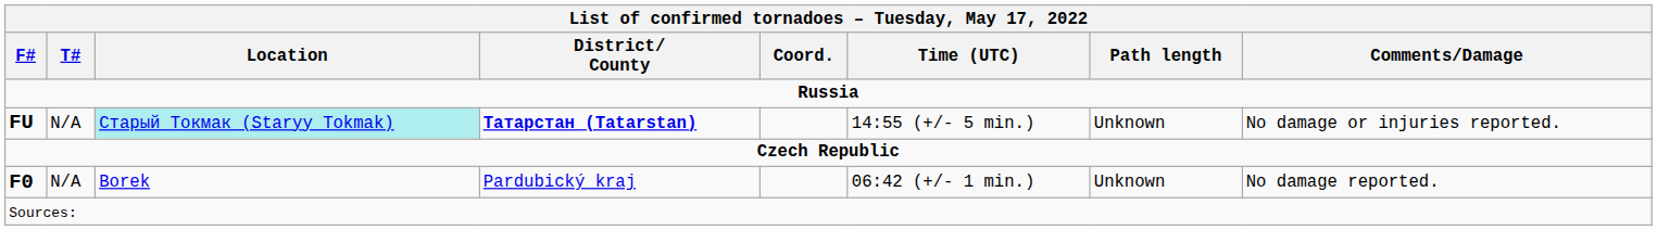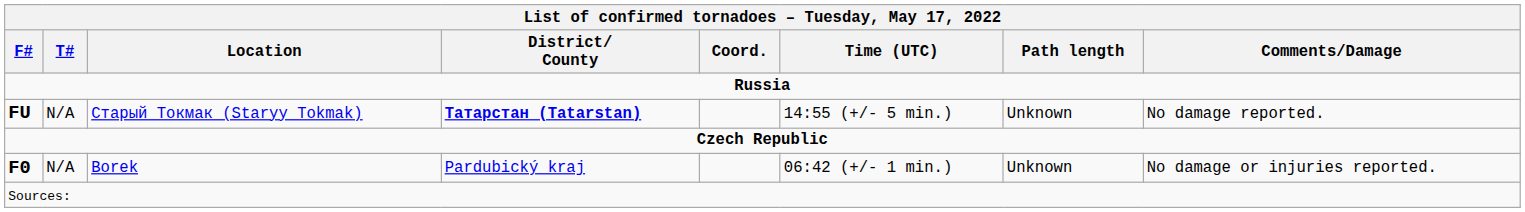 <table class="wikitable collapsible" width="100%">
 <tr>
 <th colspan="8">List of confirmed tornadoes – Tuesday, May 17, 2022</th>
 </tr>
 <tr>
 <th><a href='#'>F#</a></th>
 <th><a href='#'>T#</a></th>
 <th>Location</th>
 <th>District/<br>County</th>
 <th>Coord.</th>
 <th>Time (UTC)</th>
 <th>Path length</th>
 <th>Comments/Damage</th>
 </tr>
 <tr>
 <td colspan="8" align=center><strong>Russia</strong></td>
 </tr>
 <tr>
 <td><big><strong>FU</strong></big></td>
 <td>N/A</td>
-<td style="background: paleturquoise;"><a href='#'>Старый Токмак (Staryy Tokmak)</a></td>
+<td><a href='#'>Старый Токмак (Staryy Tokmak)</a></td>
 <td><strong><a href='#'>Татарстан (Tatarstan)</a></strong></td>
 <td></td>
 <td>14:55 (+/- 5 min.)</td>
 <td>Unknown</td>
-<td>No damage or injuries reported.</td>
+<td>No damage reported.</td>
 </tr>
 <tr>
 <td colspan="8" align=center><strong>Czech Republic</strong></td>
 </tr>
 <tr>
 <td><big><strong>F0</strong></big></td>
 <td>N/A</td>
 <td><a href='#'>Borek</a></td>
 <td><a href='#'>Pardubický kraj</a></td>
 <td></td>
 <td>06:42 (+/- 1 min.)</td>
 <td>Unknown</td>
-<td>No damage reported.</td>
+<td>No damage or injuries reported.</td>
 </tr>
 <tr>
 <td colspan="8"><small>Sources:  </small></td>
 </tr>
 </table>
